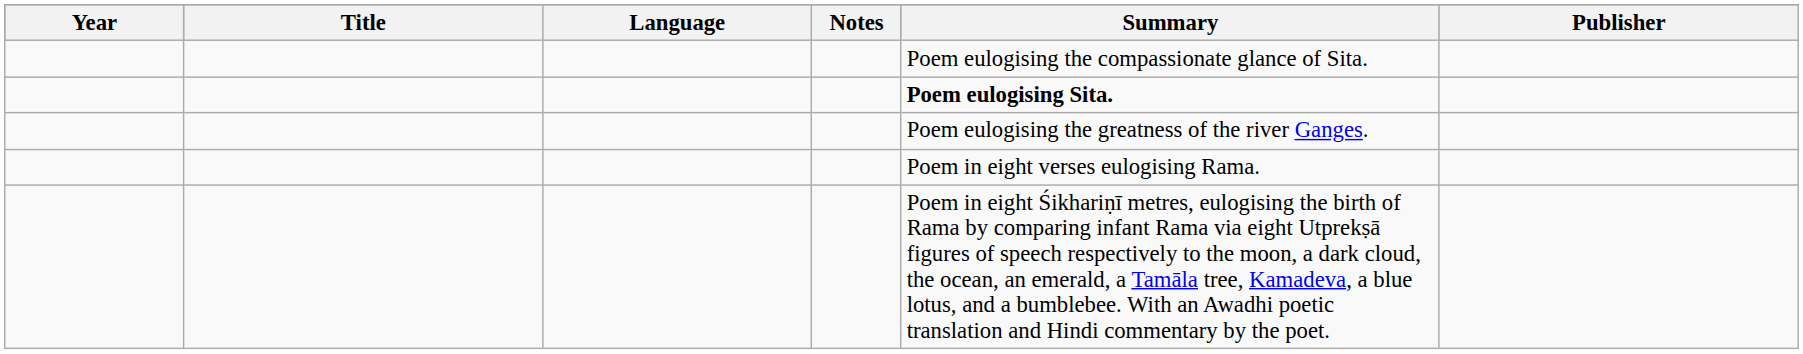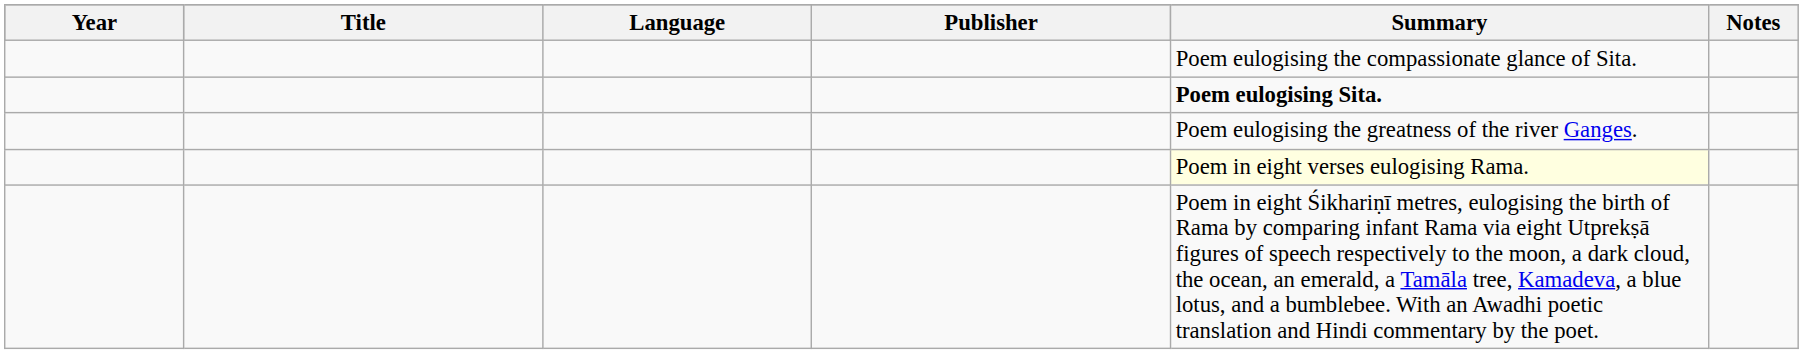 <table class="wikitable sortable" align="center" cellpadding="7" style="clear:both;" width="100%">
 <tr align="center" bgcolor="#696969">
 <th scope="col" width="10%"><div>Year</div></th>
 <th scope="col" width="20%"><div>Title</div></th>
 <th scope="col" width="15%"><div>Language</div></th>
+<th scope="col" width="20%"><div>Publisher</div></th>
+<th scope="col" class="unsortable" align="center" width="30%">Summary</th>
 <th scope="col" class="unsortable" align="center" width="5%">Notes</th>
-<th scope="col" class="unsortable" align="center" width="30%">Summary</th>
-<th scope="col" width="20%"><div>Publisher</div></th>
 </tr>
 <tr valign="top">
 <td></td>
 <td></td>
 <td></td>
 <td></td>
 <td>Poem eulogising the compassionate glance of Sita.</td>
 <td></td>
 </tr>
 <tr valign="top">
 <td></td>
 <td></td>
 <td></td>
 <td></td>
 <td><strong>Poem eulogising Sita.</strong></td>
 <td></td>
 </tr>
 <tr valign="top">
 <td></td>
 <td></td>
 <td></td>
 <td></td>
 <td>Poem eulogising the greatness of the river <a href='#'>Ganges</a>.</td>
 <td></td>
 </tr>
 <tr valign="top">
 <td></td>
 <td></td>
 <td></td>
 <td></td>
-<td>Poem in eight verses eulogising Rama.</td>
+<td style="background: lightyellow;">Poem in eight verses eulogising Rama.</td>
 <td></td>
 </tr>
 <tr valign="top">
 <td></td>
 <td></td>
 <td></td>
 <td></td>
 <td>Poem in eight Śikhariṇī metres, eulogising the birth of Rama by comparing infant Rama via eight Utprekṣā figures of speech respectively to the moon, a dark cloud, the ocean, an emerald, a <a href='#'>Tamāla</a> tree, <a href='#'>Kamadeva</a>, a blue lotus, and a bumblebee. With an Awadhi poetic translation and Hindi commentary by the poet.</td>
 <td></td>
 </tr>
 </table>
